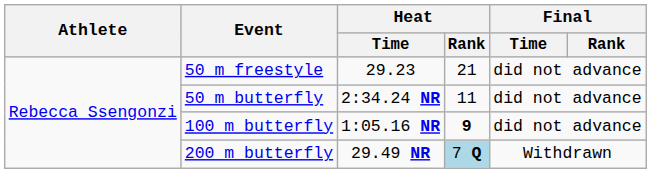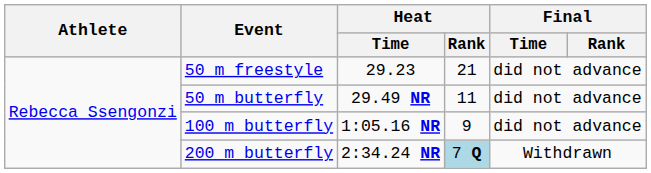 <table class="wikitable" style="text-align:center; font-size:90%">
 <tr>
 <th rowspan="2">Athlete</th>
 <th rowspan="2">Event</th>
 <th colspan="2">Heat</th>
 <th colspan="2">Final</th>
 </tr>
 <tr style="font-size:95%">
 <th>Time</th>
 <th>Rank</th>
 <th>Time</th>
 <th>Rank</th>
 </tr>
 <tr>
 <td align=left rowspan=4><a href='#'>Rebecca Ssengonzi</a></td>
 <td align=left><a href='#'>50 m freestyle</a></td>
 <td>29.23</td>
 <td>21</td>
 <td colspan=2>did not advance</td>
 </tr>
 <tr>
 <td align=left><a href='#'>50 m butterfly</a></td>
-<td>2:34.24 <strong><a href='#'>NR</a></strong></td>
+<td>29.49 <strong><a href='#'>NR</a></strong></td>
 <td>11</td>
 <td colspan=2>did not advance</td>
 </tr>
 <tr>
 <td align=left><a href='#'>100 m butterfly</a></td>
 <td>1:05.16 <strong><a href='#'>NR</a></strong></td>
-<td><strong>9</strong></td>
+<td>9</td>
 <td colspan=2>did not advance</td>
 </tr>
 <tr>
 <td align=left><a href='#'>200 m butterfly</a></td>
-<td>29.49 <strong><a href='#'>NR</a></strong></td>
+<td>2:34.24 <strong><a href='#'>NR</a></strong></td>
 <td style="background: lightblue;">7 <strong>Q</strong></td>
 <td colspan=2>Withdrawn</td>
 </tr>
 </table>
